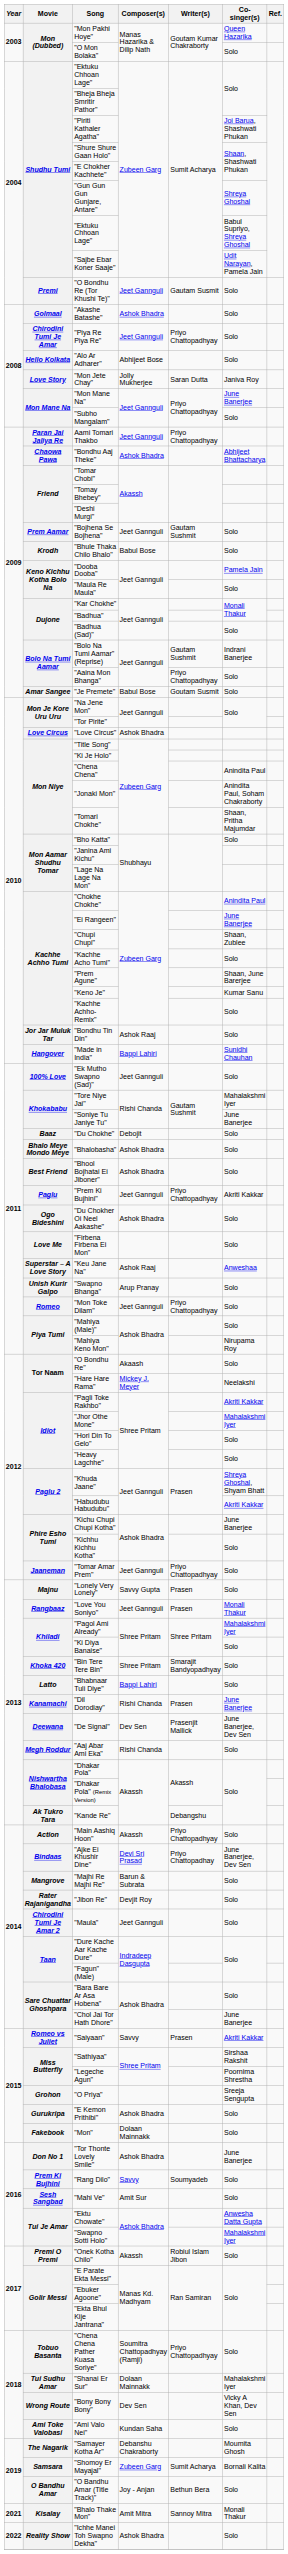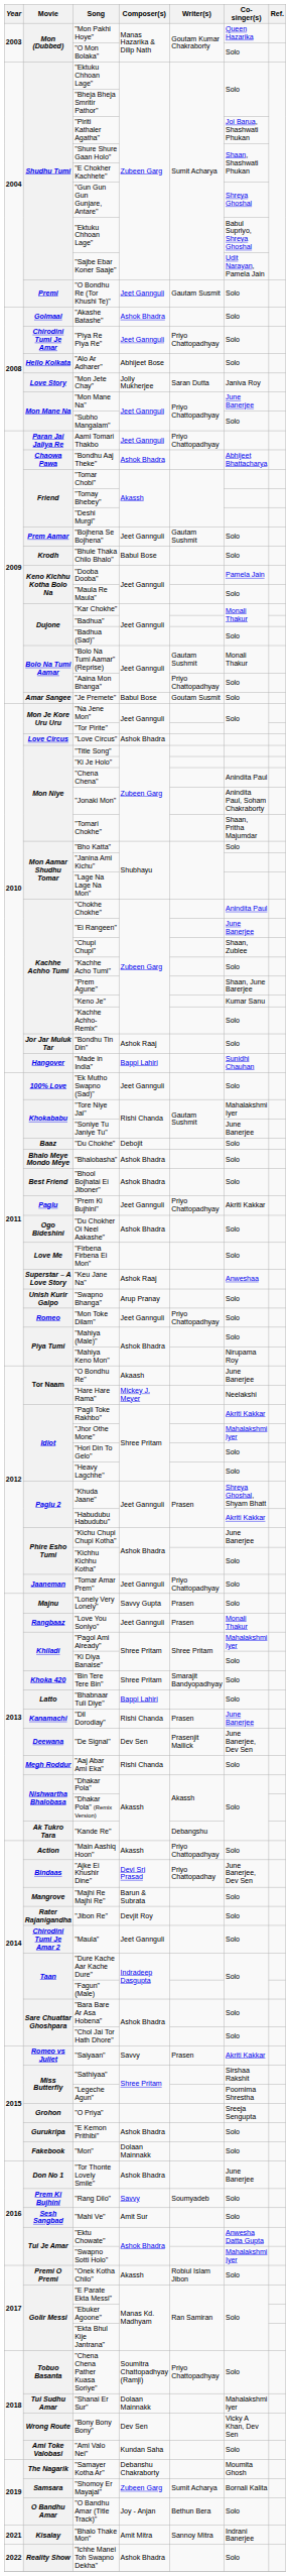 <table class="wikitable plainrowheaders" style="width:100%; textcolor:#000">
 <tr>
 <th scope="col" style="width:1%;"><em>Year</em></th>
 <th scope="col" style="width:23%;">Movie</th>
 <th scope="col" style="width:21%;">Song</th>
 <th scope="col" style="width:18%;">Composer(s)</th>
 <th scope="col" style="width:18%;">Writer(s)</th>
 <th>Co- singer(s)</th>
 <th scope="col" style="width:1%;">Ref.</th>
 </tr>
 <tr>
 <td rowspan="2"><strong>2003</strong></td>
 <th rowspan="2"><em>Mon (Dubbed)</em></th>
 <td>"Mon Pakhi Hoye"</td>
 <td rowspan="2">Manas Hazarika & Dilip Nath</td>
 <td rowspan="2">Goutam Kumar Chakraborty</td>
 <td><a href='#'>Queen Hazarika</a></td>
 <td></td>
 </tr>
 <tr>
 <td>"O Mon Bolaka"</td>
 <td>Solo</td>
 <td></td>
 </tr>
 <tr>
 <td rowspan="9"><strong>2004</strong></td>
 <th rowspan="8"><em><a href='#'>Shudhu Tumi</a></em></th>
 <td>"Ektuku Chhoan Lage"</td>
 <td rowspan="8"><a href='#'>Zubeen Garg</a></td>
 <td rowspan="8">Sumit Acharya</td>
 <td rowspan="2">Solo</td>
 <td rowspan="8"></td>
 </tr>
 <tr>
 <td>"Bheja Bheja Smritir Pathor"</td>
 </tr>
 <tr>
 <td>"Piriti Kathaler Agatha"</td>
 <td><a href='#'>Joi Barua</a>, Shashwati Phukan</td>
 </tr>
 <tr>
 <td>"Shure Shure Gaan Holo"</td>
 <td rowspan="2"><a href='#'>Shaan</a>, Shashwati Phukan</td>
 </tr>
 <tr>
 <td>"E Chokher Kachhete"</td>
 </tr>
 <tr>
 <td>"Gun Gun Gun Gunjare, Antare"</td>
 <td><a href='#'>Shreya Ghoshal</a></td>
 </tr>
 <tr>
 <td>"Ektuku Chhoan Lage"</td>
 <td>Babul Supriyo, <a href='#'>Shreya Ghoshal</a></td>
 </tr>
 <tr>
 <td>"Sajbe Ebar Koner Saaje"</td>
 <td><a href='#'>Udit Narayan</a>, Pamela Jain</td>
 </tr>
 <tr>
 <th><em><a href='#'>Premi</a></em></th>
 <td>"O Bondhu Re (Tor Khushi Te)"</td>
 <td><a href='#'>Jeet Gannguli</a></td>
 <td>Gautam Susmit</td>
 <td>Solo</td>
 <td></td>
 </tr>
 <tr>
 <td rowspan="6"><strong>2008</strong></td>
 <th><em><a href='#'>Golmaal</a></em></th>
 <td>"Akashe Batashe"</td>
 <td><a href='#'>Ashok Bhadra</a></td>
 <td></td>
 <td>Solo</td>
 <td></td>
 </tr>
 <tr>
 <th><em><a href='#'>Chirodini Tumi Je Amar</a></em></th>
 <td>"Piya Re Piya Re"</td>
 <td><a href='#'>Jeet Gannguli</a></td>
 <td>Priyo Chattopadhyay</td>
 <td>Solo</td>
 <td></td>
 </tr>
 <tr>
 <th><em><a href='#'>Hello Kolkata</a></em></th>
 <td>"Alo Ar Adharer"</td>
 <td>Abhijeet Bose</td>
 <td></td>
 <td>Solo</td>
 <td></td>
 </tr>
 <tr>
 <th><em><a href='#'>Love Story</a></em></th>
 <td>"Mon Jete Chay"</td>
 <td>Jolly Mukherjee</td>
 <td>Saran Dutta</td>
 <td>Janiva Roy</td>
 <td></td>
 </tr>
 <tr>
 <th rowspan="2"><em><a href='#'>Mon Mane Na</a></em></th>
 <td>"Mon Mane Na"</td>
 <td rowspan="2"><a href='#'>Jeet Gannguli</a></td>
 <td rowspan="2">Priyo Chattopadhyay</td>
 <td><a href='#'>June Banerjee</a></td>
 <td></td>
 </tr>
 <tr>
 <td>"Subho Mangalam"</td>
 <td>Solo</td>
 <td></td>
 </tr>
 <tr>
 <td rowspan="15"><strong>2009</strong></td>
 <th scope"row"><em><a href='#'>Paran Jai Jaliya Re</a></em></th>
 <td>Aami Tomari Thakbo</td>
 <td><a href='#'>Jeet Gannguli</a></td>
 <td>Priyo Chattopadhyay</td>
 <td></td>
 <td></td>
 </tr>
 <tr>
 <th><em><a href='#'>Chaowa Pawa</a></em></th>
 <td>"Bondhu Aaj Theke"</td>
 <td><a href='#'>Ashok Bhadra</a></td>
 <td></td>
 <td><a href='#'>Abhijeet Bhattacharya</a></td>
 <td></td>
 </tr>
 <tr>
 <th rowspan="3"><em>Friend</em></th>
 <td>"Tomar Chobi"</td>
 <td rowspan="3"><a href='#'>Akassh</a></td>
 <td rowspan="3"></td>
 <td></td>
 <td></td>
 </tr>
 <tr>
 <td>"Tomay Bhebey"</td>
 <td></td>
 <td></td>
 </tr>
 <tr>
 <td>"Deshi Murgi"</td>
 <td></td>
 <td></td>
 </tr>
 <tr>
 <th><em><a href='#'>Prem Aamar</a> </em></th>
 <td>"Bojhena Se Bojhena"</td>
 <td>Jeet Gannguli</td>
 <td>Gautam Sushmit</td>
 <td>Solo</td>
 <td></td>
 </tr>
 <tr>
 <th><em> Krodh </em></th>
 <td>"Bhule Thaka Chilo Bhalo"</td>
 <td>Babul Bose</td>
 <td></td>
 <td>Solo</td>
 <td></td>
 </tr>
 <tr>
 <th rowspan="2"><em>Keno Kichhu Kotha Bolo Na</em></th>
 <td>"Dooba Dooba"</td>
 <td rowspan="2">Jeet Gannguli</td>
 <td></td>
 <td><a href='#'>Pamela Jain</a></td>
 <td></td>
 </tr>
 <tr>
 <td>"Maula Re Maula"</td>
 <td></td>
 <td>Solo</td>
 <td></td>
 </tr>
 <tr>
 <th rowspan="3"><em>Dujone </em></th>
 <td>"Kar Chokhe"</td>
 <td rowspan="3">Jeet Gannguli</td>
 <td></td>
 <td rowspan="2"><a href='#'>Monali Thakur</a></td>
 <td></td>
 </tr>
 <tr>
 <td>"Badhua"</td>
 <td></td>
 <td></td>
 </tr>
 <tr>
 <td>"Badhua (Sad)"</td>
 <td></td>
 <td>Solo</td>
 <td></td>
 </tr>
 <tr>
 <th rowspan="2"><em><a href='#'>Bolo Na Tumi Aamar</a> </em></th>
 <td>"Bolo Na Tumi Aamar" (Reprise)</td>
 <td rowspan="2">Jeet Gannguli</td>
 <td>Gautam Sushmit</td>
-<td>Indrani Banerjee</td>
+<td>Monali Thakur</td>
 <td></td>
 </tr>
 <tr>
 <td>"Aaina Mon Bhanga"</td>
 <td>Priyo Chattopadhyay</td>
 <td>Solo</td>
 <td></td>
 </tr>
 <tr>
 <th><em>Amar Sangee </em></th>
 <td>"Je Premete"</td>
 <td>Babul Bose</td>
 <td>Goutam Susmit</td>
 <td>Solo</td>
 <td></td>
 </tr>
 <tr>
 <td rowspan="20"><strong>2010</strong></td>
 <th rowspan="2"><em>Mon Je Kore Uru Uru</em></th>
 <td>"Na Jene Mon"</td>
 <td rowspan="2">Jeet Gannguli</td>
 <td></td>
 <td rowspan="2">Solo</td>
 <td></td>
 </tr>
 <tr>
 <td>"Tor Pirite"</td>
 <td></td>
 <td></td>
 </tr>
 <tr>
 <th><em><a href='#'>Love Circus</a></em></th>
 <td>"Love Circus"</td>
 <td>Ashok Bhadra</td>
 <td></td>
 <td></td>
 <td></td>
 </tr>
 <tr>
 <th rowspan="5"><em>Mon Niye</em></th>
 <td>"Title Song"</td>
 <td rowspan="5"><a href='#'>Zubeen Garg</a></td>
 <td></td>
 <td></td>
 <td></td>
 </tr>
 <tr>
 <td>"Ki Je Holo"</td>
 <td></td>
 <td></td>
 <td></td>
 </tr>
 <tr>
 <td>"Chena Chena"</td>
 <td></td>
 <td>Anindita Paul</td>
 <td></td>
 </tr>
 <tr>
 <td>"Jonaki Mon"</td>
 <td></td>
 <td>Anindita Paul, Soham Chakraborty</td>
 <td></td>
 </tr>
 <tr>
 <td>"Tomari Chokhe"</td>
 <td></td>
 <td>Shaan, Pritha Majumdar</td>
 <td></td>
 </tr>
 <tr>
 <th rowspan="3"><em>Mon Aamar Shudhu Tomar</em></th>
 <td>"Bho Katta"</td>
 <td rowspan="3">Shubhayu</td>
 <td rowspan="3"></td>
 <td>Solo</td>
 <td></td>
 </tr>
 <tr>
 <td>"Janina Ami Kichu"</td>
 <td></td>
 <td></td>
 </tr>
 <tr>
 <td>"Lage Na Lage Na Mon"</td>
 <td></td>
 <td></td>
 </tr>
 <tr>
 <th rowspan="7"><em>Kachhe Achho Tumi</em></th>
 <td>"Chokhe Chokhe"</td>
 <td rowspan="7"><a href='#'>Zubeen Garg</a></td>
 <td></td>
 <td><a href='#'>Anindita Paul</a></td>
 <td></td>
 </tr>
 <tr>
 <td>"Ei Rangeen"</td>
 <td></td>
 <td><a href='#'>June Banerjee</a></td>
 <td></td>
 </tr>
 <tr>
 <td>"Chupi Chupi"</td>
 <td></td>
 <td>Shaan, Zublee</td>
 <td></td>
 </tr>
 <tr>
 <td>"Kachhe Acho Tumi"</td>
 <td></td>
 <td>Solo</td>
 <td></td>
 </tr>
 <tr>
 <td>"Prem Agune"</td>
 <td></td>
 <td>Shaan, June Barerjee</td>
 <td></td>
 </tr>
 <tr>
 <td>"Keno Je"</td>
 <td></td>
 <td>Kumar Sanu</td>
 <td></td>
 </tr>
 <tr>
 <td>"Kachhe Achho-Remix"</td>
 <td></td>
 <td>Solo</td>
 <td></td>
 </tr>
 <tr>
 <th><em>Jor Jar Muluk Tar</em></th>
 <td>"Bondhu Tin Din"</td>
 <td>Ashok Raaj</td>
 <td></td>
 <td>Solo</td>
 <td></td>
 </tr>
 <tr>
 <th><em><a href='#'>Hangover</a></em></th>
 <td>"Made in India"</td>
 <td><a href='#'>Bappi Lahiri</a></td>
 <td></td>
 <td><a href='#'>Sunidhi Chauhan</a></td>
 <td></td>
 </tr>
 <tr>
 <td rowspan="14"><strong>2011</strong></td>
 <th><em><a href='#'>100% Love</a></em></th>
 <td>"Ek Mutho Swapno (Sad)"</td>
 <td>Jeet Gannguli</td>
 <td></td>
 <td>Solo</td>
 <td></td>
 </tr>
 <tr>
 <th rowspan="2"><em><a href='#'>Khokababu</a></em></th>
 <td>"Tore Niye Jai"</td>
 <td rowspan="2">Rishi Chanda</td>
 <td rowspan="2">Gautam Sushmit</td>
 <td>Mahalakshmi Iyer</td>
 <td></td>
 </tr>
 <tr>
 <td>"Soniye Tu Janiye Tu"</td>
 <td>June Banerjee</td>
 <td></td>
 </tr>
 <tr>
 <th><em>Baaz</em></th>
 <td>"Du Chokhe"</td>
 <td>Debojit</td>
 <td></td>
 <td>Solo</td>
 <td></td>
 </tr>
 <tr>
 <th><em>Bhalo Meye Mondo Meye</em></th>
 <td "Bhalobasha">"Bhalobasha"</td>
 <td>Ashok Bhadra</td>
 <td></td>
 <td>Solo</td>
 <td></td>
 </tr>
 <tr>
 <th><em>Best Friend</em></th>
 <td>"Bhool Bojhatai Ei Jiboner"</td>
 <td>Ashok Bhadra</td>
 <td></td>
 <td>Solo</td>
 <td></td>
 </tr>
 <tr>
 <th><em><a href='#'>Paglu</a></em></th>
 <td>"Prem Ki Bujhini"</td>
 <td>Jeet Gannguli</td>
 <td>Priyo Chattopadhyay</td>
 <td>Akriti Kakkar</td>
 <td></td>
 </tr>
 <tr>
 <th><em>Ogo Bideshini</em></th>
 <td>"Du Chokher Oi Neel Aakashe"</td>
 <td>Ashok Bhadra</td>
 <td></td>
 <td>Solo</td>
 <td></td>
 </tr>
 <tr>
 <th><em>Love Me</em></th>
 <td>"Firbena Firbena Ei Mon"</td>
 <td></td>
 <td></td>
 <td>Solo</td>
 <td></td>
 </tr>
 <tr>
 <th><em>Superstar – A Love Story </em></th>
 <td>"Keu Jane Na"</td>
 <td>Ashok Raaj</td>
 <td></td>
 <td><a href='#'>Anweshaa</a></td>
 <td></td>
 </tr>
 <tr>
 <th><em>Unish Kurir Galpo</em></th>
 <td>"Swapno Bhanga"</td>
 <td>Arup Pranay</td>
 <td></td>
 <td>Solo</td>
 <td></td>
 </tr>
 <tr>
 <th><em><a href='#'>Romeo</a></em></th>
 <td>"Mon Toke Dilam"</td>
 <td>Jeet Gannguli</td>
 <td>Priyo Chattopadhyay</td>
 <td>Solo</td>
 <td></td>
 </tr>
 <tr>
 <th rowspan="2"><em>Piya Tumi</em></th>
 <td>"Mahiya (Male)"</td>
 <td rowspan="2">Ashok Bhadra</td>
 <td></td>
 <td>Solo</td>
 <td></td>
 </tr>
 <tr>
 <td>"Mahiya Keno Mon"</td>
 <td></td>
 <td>Nirupama Roy</td>
 <td></td>
 </tr>
 <tr>
 <td rowspan="11"><strong>2012</strong></td>
 <th rowspan="2">Tor Naam</th>
 <td>"O Bondhu Re"</td>
 <td>Akaash</td>
 <td></td>
-<td>Solo</td>
+<td>June Banerjee</td>
 <td></td>
 </tr>
 <tr>
 <td>"Hare Hare Rama"</td>
 <td><a href='#'>Mickey J. Meyer</a></td>
 <td></td>
 <td>Neelakshi</td>
 <td></td>
 </tr>
 <tr>
 <th rowspan="4"><em><a href='#'>Idiot</a></em></th>
 <td>"Pagli Toke Rakhbo"</td>
 <td rowspan="4">Shree Pritam</td>
 <td></td>
 <td><a href='#'>Akriti Kakkar</a></td>
 <td></td>
 </tr>
 <tr>
 <td>"Jhor Othe Mone"</td>
 <td></td>
 <td><a href='#'>Mahalakshmi Iyer</a></td>
 <td></td>
 </tr>
 <tr>
 <td>"Hori Din To Gelo"</td>
 <td></td>
 <td>Solo</td>
 <td></td>
 </tr>
 <tr>
 <td>"Heavy Lagchhe"</td>
 <td></td>
 <td>Solo</td>
 <td></td>
 </tr>
 <tr>
 <th rowspan="2"><em> <a href='#'>Paglu 2</a></em></th>
 <td>"Khuda Jaane"</td>
 <td rowspan="2">Jeet Gannguli</td>
 <td rowspan="2">Prasen</td>
 <td><a href='#'>Shreya Ghoshal</a>, Shyam Bhatt</td>
 <td></td>
 </tr>
 <tr>
 <td>"Habudubu Habudubu"</td>
 <td><a href='#'>Akriti Kakkar</a></td>
 <td></td>
 </tr>
 <tr>
 <th rowspan="2"><em>Phire Esho Tumi</em></th>
 <td>"Kichu Chupi Chupi Kotha"</td>
 <td rowspan="2">Ashok Bhadra</td>
 <td></td>
 <td>June Banerjee</td>
 <td></td>
 </tr>
 <tr>
 <td>"Kichhu Kichhu Kotha"</td>
 <td></td>
 <td>Solo</td>
 <td></td>
 </tr>
 <tr>
 <th><em><a href='#'>Jaaneman</a> </em></th>
 <td>"Tomar Amar Prem"</td>
 <td>Jeet Gannguli</td>
 <td>Priyo Chattopadhyay</td>
 <td>Solo</td>
 <td></td>
 </tr>
 <tr>
 <td rowspan="12"><strong>2013</strong></td>
 <th><em>Majnu</em></th>
 <td>"Lonely Very Lonely"</td>
 <td>Savvy Gupta</td>
 <td>Prasen</td>
 <td>Solo</td>
 </tr>
 <tr>
 <th><em><a href='#'>Rangbaaz</a></em></th>
 <td>"Love You Soniyo"</td>
 <td>Jeet Gannguli</td>
 <td>Prasen</td>
 <td><a href='#'>Monali Thakur</a></td>
 <td></td>
 </tr>
 <tr>
 <th rowspan="2"><em><a href='#'>Khiladi</a></em></th>
 <td>"Pagol Ami Already"</td>
 <td rowspan="2">Shree Pritam</td>
 <td rowspan="2">Shree Pritam</td>
 <td><a href='#'>Mahalakshmi Iyer</a></td>
 <td></td>
 </tr>
 <tr>
 <td>"Ki Diya Banaise"</td>
 <td>Solo</td>
 <td></td>
 </tr>
 <tr>
 <th><em><a href='#'>Khoka 420</a></em></th>
 <td>"Bin Tere Tere Bin"</td>
 <td>Shree Pritam</td>
 <td>Smarajit Bandyopadhyay</td>
 <td>Solo</td>
 <td></td>
 </tr>
 <tr>
 <th><em>Latto</em></th>
 <td>"Bhabnaar Tuli Diye"</td>
 <td><a href='#'>Bappi Lahiri</a></td>
 <td></td>
 <td>Solo</td>
 <td></td>
 </tr>
 <tr>
 <th><em><a href='#'>Kanamachi</a></em></th>
 <td>"Dil Dorodiay"</td>
 <td>Rishi Chanda</td>
 <td>Prasen</td>
 <td><a href='#'>June Banerjee</a></td>
 <td></td>
 </tr>
 <tr>
 <th><em><a href='#'>Deewana</a></em></th>
 <td>"De Signal"</td>
 <td>Dev Sen</td>
 <td>Prasenjit Mallick</td>
 <td>June Banerjee, Dev Sen</td>
 <td></td>
 </tr>
 <tr>
 <th><em><a href='#'>Megh Roddur</a></em></th>
 <td>"Aaj Abar Ami Eka"</td>
 <td>Rishi Chanda</td>
 <td></td>
 <td>Solo</td>
 <td></td>
 </tr>
 <tr>
 <th rowspan="2"><em><a href='#'>Nishwartha Bhalobasa</a> </em></th>
 <td>"Dhakar Pola"</td>
 <td rowspan="3">Akassh</td>
 <td rowspan="2">Akassh</td>
 <td rowspan="3">Solo</td>
 <td></td>
 </tr>
 <tr>
 <td>"Dhakar Pola" <small>(Remix Version)</small></td>
 <td></td>
 </tr>
 <tr>
 <th><em>Ak Tukro Tara</em></th>
 <td>"Kande Re"</td>
 <td>Debangshu</td>
 <td></td>
 </tr>
 <tr>
 <td rowspan="9"><strong>2014</strong></td>
 <th><em> Action </em></th>
 <td>"Main Aashiq Hoon"</td>
 <td>Akassh</td>
 <td>Priyo Chattopadhyay</td>
 <td>Solo</td>
 <td></td>
 </tr>
 <tr>
 <th><em><a href='#'>Bindaas</a></em></th>
 <td>"Ajke Ei Khushir Dine"</td>
 <td><a href='#'>Devi Sri Prasad</a></td>
 <td>Priyo Chattopadhay</td>
 <td>June Banerjee, Dev Sen</td>
 <td></td>
 </tr>
 <tr>
 <th><em>Mangrove</em></th>
 <td>"Majhi Re Majhi Re"</td>
 <td>Barun & Subrata</td>
 <td></td>
 <td>Solo</td>
 <td></td>
 </tr>
 <tr>
 <th><em>Rater Rajanigandha</em></th>
 <td>"Jibon Re"</td>
 <td>Devjit Roy</td>
 <td></td>
 <td>Solo</td>
 <td></td>
 </tr>
 <tr>
 <th><em><a href='#'>Chirodini Tumi Je Amar 2</a></em></th>
 <td>"Maula"</td>
 <td>Jeet Gannguli</td>
 <td></td>
 <td>Solo</td>
 <td></td>
 </tr>
 <tr>
 <th rowspan="2"><em><a href='#'>Taan</a> </em></th>
 <td>"Dure Kache Aar Kache Dure"</td>
 <td rowspan="2"><a href='#'>Indradeep Dasgupta</a></td>
 <td></td>
 <td rowspan="2">Solo</td>
 <td></td>
 </tr>
 <tr>
 <td>"Fagun" (Male)</td>
 <td></td>
 <td></td>
 </tr>
 <tr>
 <th rowspan="2"><em>Sare Chuattar Ghoshpara</em></th>
 <td>"Bara Bare Ar Asa Hobena"</td>
 <td rowspan="2">Ashok Bhadra</td>
 <td></td>
 <td>Solo</td>
 <td></td>
 </tr>
 <tr>
 <td>"Chol Jai Tor Hath Dhore"</td>
 <td></td>
-<td>June Banerjee</td>
+<td>Solo</td>
 <td></td>
 </tr>
 <tr>
 <td rowspan="6"><strong>2015</strong></td>
 <th><em><a href='#'>Romeo vs Juliet</a></em></th>
 <td>"Saiyaan"</td>
 <td>Savvy</td>
 <td>Prasen</td>
 <td><a href='#'>Akriti Kakkar</a></td>
 <td></td>
 </tr>
 <tr>
 <th rowspan="2"><em>Miss Butterfly</em></th>
 <td>"Sathiyaa"</td>
 <td rowspan="2"><a href='#'>Shree Pritam</a></td>
 <td></td>
 <td>Sirshaa Rakshit</td>
 <td></td>
 </tr>
 <tr>
 <td>"Legeche Agun"</td>
 <td></td>
 <td>Poornima Shrestha</td>
 <td></td>
 </tr>
 <tr>
 <th><em>Grohon</em></th>
 <td>"O Priya"</td>
 <td></td>
 <td></td>
 <td>Sreeja Sengupta</td>
 <td></td>
 </tr>
 <tr>
 <th><em>Gurukripa</em></th>
 <td>"E Kemon Prithibi"</td>
 <td>Ashok Bhadra</td>
 <td></td>
 <td>Solo</td>
 <td></td>
 </tr>
 <tr>
 <th><em>Fakebook</em></th>
 <td>"Mon"</td>
 <td>Dolaan Mainnakk</td>
 <td></td>
 <td>Solo</td>
 <td></td>
 </tr>
 <tr>
 <td rowspan="5"><strong>2016</strong></td>
 <th><em>Don No 1</em></th>
 <td>"Tor Thonte Lovely Smile"</td>
 <td>Ashok Bhadra</td>
 <td></td>
 <td>June Banerjee</td>
 <td></td>
 </tr>
 <tr>
 <th><em><a href='#'>Prem Ki Bujhini</a></em></th>
 <td>"Rang Dilo"</td>
 <td><a href='#'>Savvy</a></td>
 <td>Soumyadeb</td>
 <td>Solo</td>
 <td></td>
 </tr>
 <tr>
 <th><em><a href='#'>Sesh Sangbad</a></em></th>
 <td>"Mahi Ve"</td>
 <td>Amit Sur</td>
 <td></td>
 <td>Solo</td>
 <td></td>
 </tr>
 <tr>
 <th rowspan="2"><em>Tui Je Amar</em></th>
 <td>"Ektu Chowate"</td>
 <td rowspan="2"><a href='#'>Ashok Bhadra</a></td>
 <td></td>
 <td><a href='#'>Anwesha Datta Gupta</a></td>
 <td></td>
 </tr>
 <tr>
 <td>"Swapno Sotti Holo"</td>
 <td></td>
 <td><a href='#'>Mahalakshmi Iyer</a></td>
 <td></td>
 </tr>
 <tr>
 <td rowspan="4"><strong>2017</strong></td>
 <th><em>Premi O Premi</em></th>
 <td>"Onek Kotha Chilo"</td>
 <td>Akassh</td>
 <td>Robiul Islam Jibon</td>
 <td>Solo</td>
 <td></td>
 </tr>
 <tr>
 <th rowspan="3"><em>Golir Messi</em></th>
 <td>"E Parate Ekta Messi"</td>
 <td rowspan="3">Manas Kd. Madhyam</td>
 <td rowspan="3">Ran Samiran</td>
 <td rowspan="3">Solo</td>
 <td></td>
 </tr>
 <tr>
 <td>"Ebuker Agoone"</td>
 <td></td>
 </tr>
 <tr>
 <td>"Ekta Bhul Kije Jantrana"</td>
 <td></td>
 </tr>
 <tr>
 <td rowspan="4"><strong>2018</strong></td>
 <th><em>Tobuo Basanta</em></th>
 <td>"Chena Chena Pather Kuasa Soriye"</td>
 <td>Soumitra Chattopadhyay (Ramji)</td>
 <td>Priyo Chattopadhyay</td>
 <td>Solo</td>
 <td></td>
 </tr>
 <tr>
 <th><em>Tui Sudhu Amar</em></th>
 <td>"Shanai Er Sur"</td>
 <td>Dolaan Mainnakk</td>
 <td></td>
 <td>Mahalakshmi Iyer</td>
 <td></td>
 </tr>
 <tr>
 <th><em>Wrong Route</em></th>
 <td>"Bony Bony Bony"</td>
 <td>Dev Sen</td>
 <td></td>
 <td>Vicky A Khan, Dev Sen</td>
 <td></td>
 </tr>
 <tr>
 <th><em>Ami Toke Valobasi</em></th>
 <td>"Ami Valo Nei"</td>
 <td>Kundan Saha</td>
 <td></td>
 <td>Solo</td>
 <td></td>
 </tr>
 <tr>
 <td rowspan="3"><strong>2019</strong></td>
 <th><em>The Nagarik</em></th>
 <td>"Samayer Kotha Ar"</td>
 <td>Debanshu Chakraborty</td>
 <td></td>
 <td>Moumita Ghosh</td>
 </tr>
 <tr>
 <th><em>Samsara</em></th>
 <td>"Shomoy Er Mayajal"</td>
 <td><a href='#'>Zubeen Garg</a></td>
 <td>Sumit Acharya</td>
 <td>Bornali Kalita</td>
 <td></td>
 </tr>
 <tr>
 <th><em>O Bandhu Amar</em></th>
 <td>"O Bandhu Amar (Title Track)"</td>
 <td>Joy - Anjan</td>
 <td>Bethun Bera</td>
 <td>Solo</td>
 <td></td>
 </tr>
 <tr>
 <td><strong>2021</strong></td>
 <th><em>Kisalay</em></th>
 <td>"Bhalo Thake Mon"</td>
 <td>Amit Mitra</td>
 <td>Sannoy Mitra</td>
-<td>Monali Thakur</td>
+<td>Indrani Banerjee</td>
 <td></td>
 </tr>
 <tr>
 <td><strong>2022</strong></td>
 <th><em>Reality Show</em></th>
 <td>"Ichhe Manei Toh Swapno Dekha"</td>
 <td>Ashok Bhadra</td>
 <td></td>
 <td>Solo</td>
 <td></td>
 </tr>
 <tr>
 </tr>
 </table>
